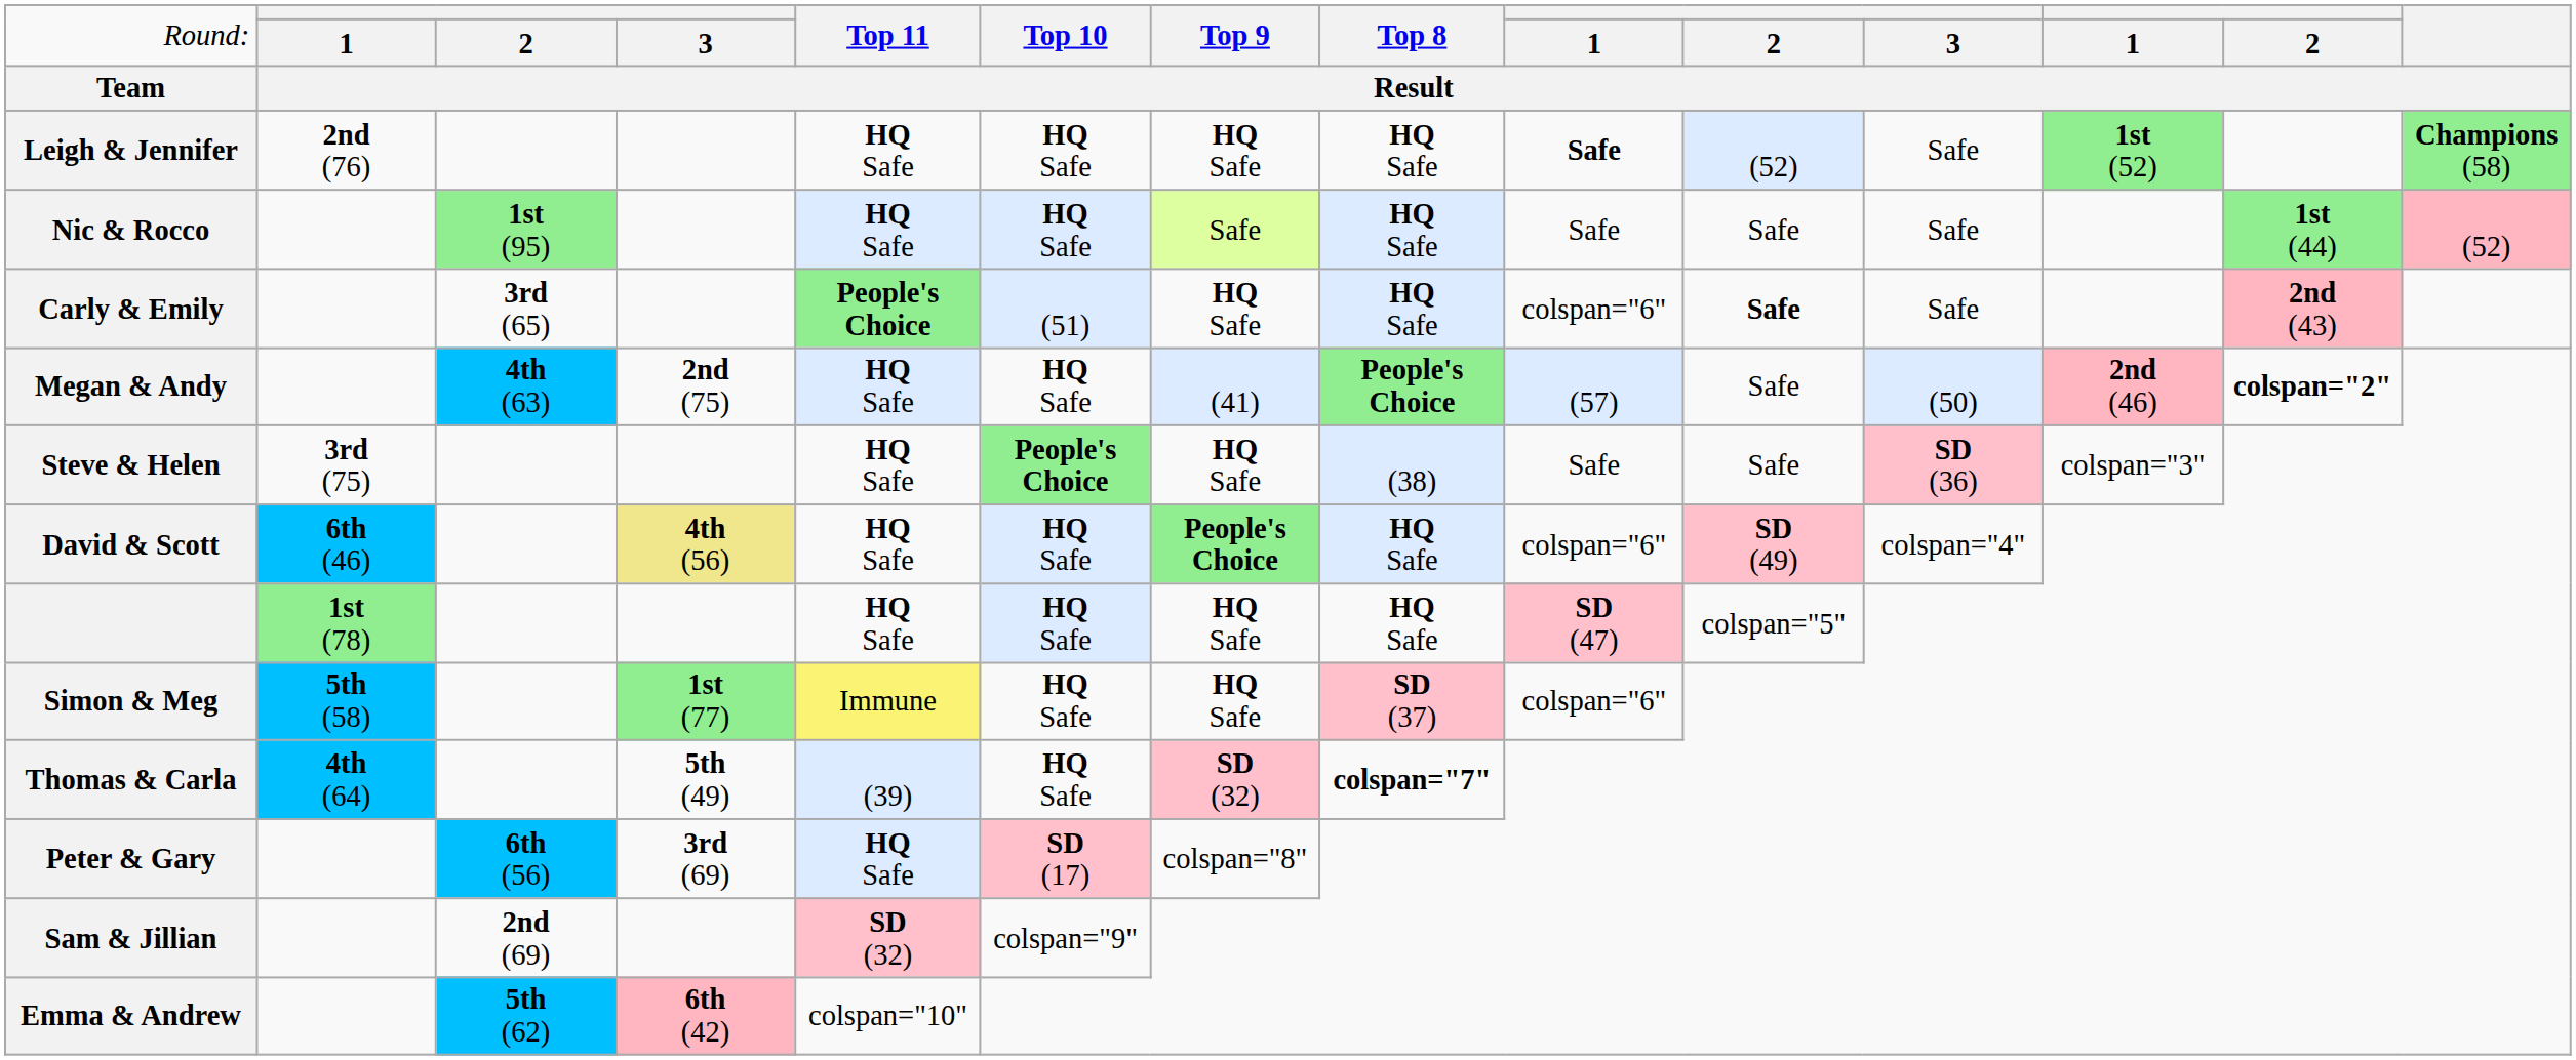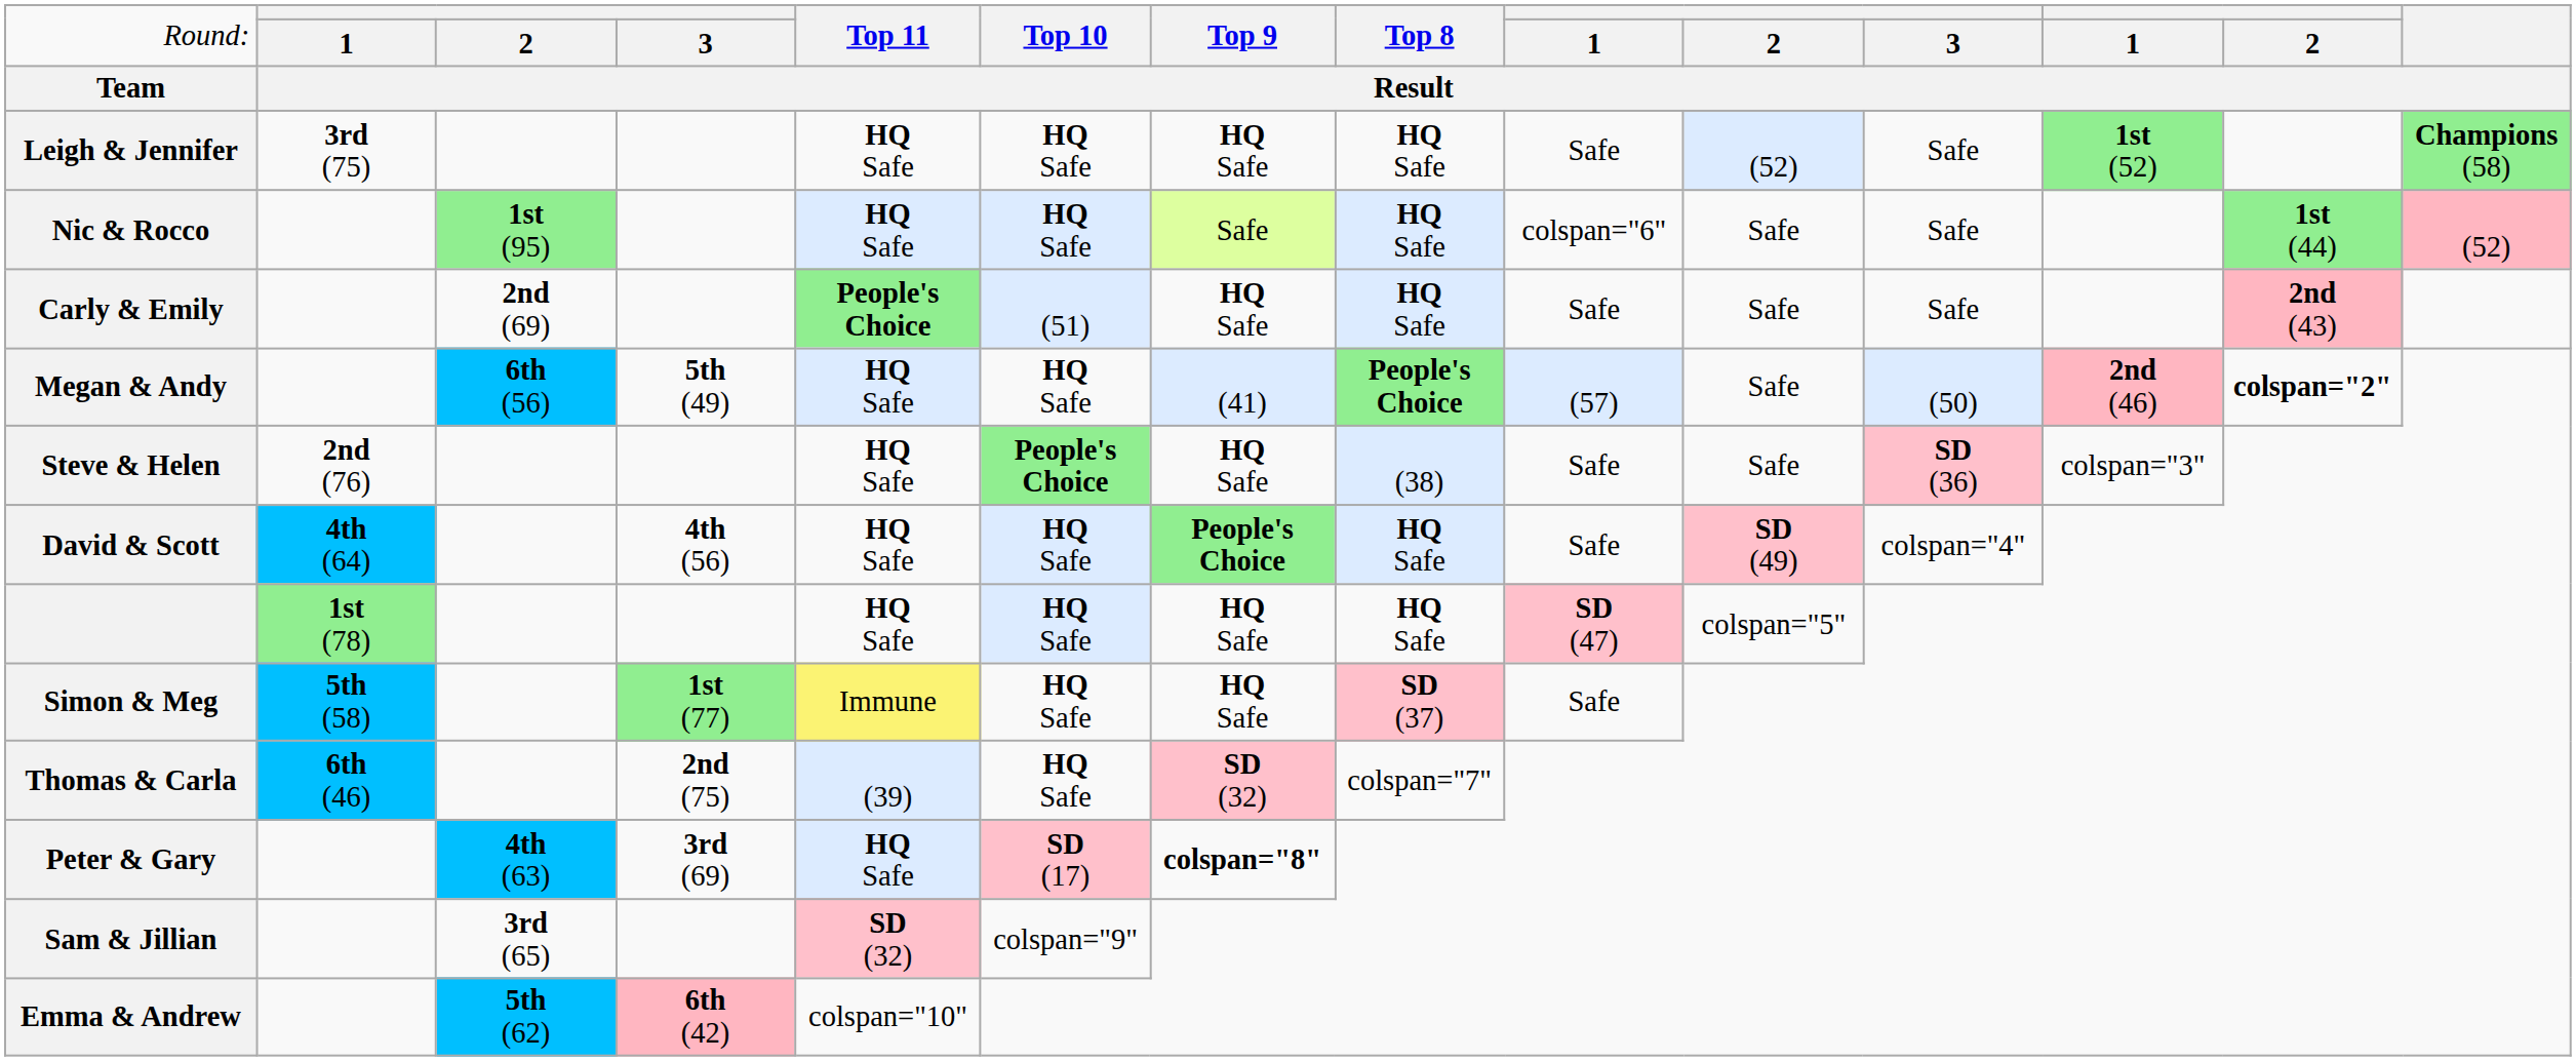 <table class="wikitable" style="width:100%; text-align:center; font-size:90%; line-height:16px; margin:auto;">
 <tr>
 <td style="text-align:right;" rowspan="2"><em>Round:</em></td>
 <th colspan=3></th>
 <th rowspan="2"><a href='#'>Top 11</a></th>
 <th rowspan="2"><a href='#'>Top 10</a></th>
 <th rowspan="2"><a href='#'>Top 9</a></th>
 <th rowspan="2"><a href='#'>Top 8</a></th>
 <th colspan=3></th>
 <th colspan=2></th>
 <th rowspan="2"></th>
 </tr>
 <tr>
 <th style="width:7%;">1</th>
 <th style="width:7%;">2</th>
 <th style="width:7%;">3</th>
 <th style="width:7%;">1</th>
 <th style="width:7%;">2</th>
 <th style="width:7%;">3</th>
 <th style="width:7%;">1</th>
 <th style="width:7%;">2</th>
 </tr>
 <tr>
 <th>Team</th>
 <th colspan="13">Result</th>
 </tr>
 <tr>
 <th>Leigh & Jennifer</th>
-<td><strong>2nd</strong><br>(76)</td>
+<td><strong>3rd</strong><br>(75)</td>
 <td></td>
 <td></td>
 <td><strong>HQ</strong> <br> Safe</td>
 <td><strong>HQ</strong> <br> Safe</td>
 <td><strong>HQ</strong> <br> Safe</td>
 <td><strong>HQ</strong> <br> Safe</td>
-<td><strong>Safe</strong></td>
+<td>Safe</td>
 <td bgcolor=#DCEBFF><br>(52)</td>
 <td>Safe</td>
 <td bgcolor="lightgreen"><strong>1st</strong><br>(52)</td>
 <td></td>
 <td bgcolor="lightgreen"><strong>Champions</strong><br>(58)</td>
 </tr>
 <tr>
 <th>Nic & Rocco</th>
 <td></td>
 <td bgcolor="lightgreen"><strong>1st</strong><br>(95)</td>
 <td></td>
 <td bgcolor="#DCEBFF"><strong>HQ</strong> <br> Safe</td>
 <td bgcolor="#DCEBFF"><strong>HQ</strong> <br> Safe</td>
 <td bgcolor="#DDFF9F">Safe</td>
 <td bgcolor="#DCEBFF"><strong>HQ</strong> <br> Safe</td>
-<td>Safe</td>
+<td>colspan="6" </td>
 <td>Safe</td>
 <td>Safe</td>
 <td></td>
 <td bgcolor="lightgreen"><strong>1st</strong><br>(44)</td>
 <td bgcolor="lightpink" align="center"><br>(52)</td>
 </tr>
 <tr>
 <th>Carly & Emily</th>
 <td></td>
-<td><strong>3rd</strong><br>(65)</td>
+<td><strong>2nd</strong><br>(69)</td>
 <td></td>
 <td bgcolor="lightgreen"><strong>People's<br>Choice</strong></td>
 <td bgcolor=#DCEBFF><br>(51)</td>
 <td><strong>HQ</strong> <br> Safe</td>
 <td bgcolor="#DCEBFF"><strong>HQ</strong> <br> Safe</td>
-<td>colspan="6" </td>
-<td><strong>Safe</strong></td>
+<td>Safe</td>
+<td>Safe</td>
 <td>Safe</td>
 <td></td>
 <td bgcolor="lightpink"><strong>2nd</strong><br>(43)</td>
 <td></td>
 </tr>
 <tr>
 <th>Megan & Andy</th>
 <td></td>
-<td bgcolor=deepskyblue><strong>4th</strong><br>(63)</td>
-<td><strong>2nd</strong><br>(75)</td>
+<td bgcolor=deepskyblue><strong>6th</strong><br>(56)</td>
+<td><strong>5th</strong><br>(49)</td>
 <td bgcolor="#DCEBFF"><strong>HQ</strong> <br> Safe</td>
 <td><strong>HQ</strong> <br> Safe</td>
 <td bgcolor=#DCEBFF><br>(41)</td>
 <td bgcolor="lightgreen"><strong>People's<br>Choice</strong></td>
 <td bgcolor=#DCEBFF><br>(57)</td>
 <td>Safe</td>
 <td bgcolor=#DCEBFF><br>(50)</td>
 <td bgcolor="lightpink"><strong>2nd</strong><br>(46)</td>
 <td><strong>colspan="2" </strong></td>
 </tr>
 <tr>
 <th>Steve & Helen</th>
-<td><strong>3rd</strong><br>(75)</td>
+<td><strong>2nd</strong><br>(76)</td>
 <td></td>
 <td></td>
 <td><strong>HQ</strong> <br> Safe</td>
 <td bgcolor="lightgreen"><strong>People's<br>Choice</strong></td>
 <td><strong>HQ</strong> <br> Safe</td>
 <td bgcolor=#DCEBFF><br>(38)</td>
 <td>Safe</td>
 <td>Safe</td>
 <td bgcolor="pink"><strong>SD</strong><br>(36)</td>
 <td>colspan="3" </td>
 </tr>
 <tr>
 <th>David & Scott</th>
-<td bgcolor=deepskyblue><strong>6th</strong><br>(46)</td>
+<td bgcolor=deepskyblue><strong>4th</strong><br>(64)</td>
 <td></td>
-<td style="background: khaki;"><strong>4th</strong><br>(56)</td>
+<td><strong>4th</strong><br>(56)</td>
 <td><strong>HQ</strong> <br> Safe</td>
 <td bgcolor="#DCEBFF"><strong>HQ</strong> <br> Safe</td>
 <td bgcolor="lightgreen"><strong>People's<br>Choice</strong></td>
 <td bgcolor="#DCEBFF"><strong>HQ</strong><br> Safe</td>
-<td>colspan="6" </td>
+<td>Safe</td>
 <td bgcolor="pink"><strong>SD</strong><br>(49)</td>
 <td>colspan="4" </td>
 </tr>
 <tr>
 <th></th>
 <td bgcolor="lightgreen"><strong>1st</strong><br>(78)</td>
 <td></td>
 <td></td>
 <td><strong>HQ</strong> <br> Safe</td>
 <td bgcolor="#DCEBFF"><strong>HQ</strong> <br> Safe</td>
 <td><strong>HQ</strong> <br> Safe</td>
 <td><strong>HQ</strong> <br> Safe</td>
 <td bgcolor="pink"><strong>SD</strong><br>(47)</td>
 <td>colspan="5" </td>
 </tr>
 <tr>
 <th>Simon & Meg</th>
 <td bgcolor=deepskyblue><strong>5th</strong><br>(58)</td>
 <td></td>
 <td bgcolor="lightgreen"><strong>1st</strong><br>(77)</td>
 <td bgcolor="#FBF373">Immune</td>
 <td><strong>HQ</strong> <br> Safe</td>
 <td><strong>HQ</strong> <br> Safe</td>
 <td bgcolor="pink"><strong>SD</strong><br>(37)</td>
-<td>colspan="6" </td>
+<td>Safe</td>
 </tr>
 <tr>
 <th>Thomas & Carla</th>
-<td bgcolor=deepskyblue><strong>4th</strong><br>(64)</td>
+<td bgcolor=deepskyblue><strong>6th</strong><br>(46)</td>
 <td></td>
-<td><strong>5th</strong><br>(49)</td>
+<td><strong>2nd</strong><br>(75)</td>
 <td bgcolor=#DCEBFF><br>(39)</td>
 <td><strong>HQ</strong> <br> Safe</td>
 <td bgcolor="pink"><strong>SD</strong><br>(32)</td>
-<td><strong>colspan="7" </strong></td>
+<td>colspan="7" </td>
 </tr>
 <tr>
 <th>Peter & Gary</th>
 <td></td>
-<td bgcolor=deepskyblue><strong>6th</strong><br>(56)</td>
+<td bgcolor=deepskyblue><strong>4th</strong><br>(63)</td>
 <td><strong>3rd</strong><br>(69)</td>
 <td bgcolor="#DCEBFF"><strong>HQ</strong> <br> Safe</td>
 <td bgcolor="pink"><strong>SD</strong><br>(17)</td>
-<td>colspan="8" </td>
+<td><strong>colspan="8" </strong></td>
 </tr>
 <tr>
 <th>Sam & Jillian</th>
 <td></td>
-<td><strong>2nd</strong><br>(69)</td>
+<td><strong>3rd</strong><br>(65)</td>
 <td></td>
 <td bgcolor="pink"><strong>SD</strong><br>(32)</td>
 <td>colspan="9" </td>
 </tr>
 <tr>
 <th>Emma & Andrew</th>
 <td></td>
 <td bgcolor=deepskyblue><strong>5th</strong><br>(62)</td>
 <td bgcolor="lightpink"><strong>6th</strong><br>(42)</td>
 <td>colspan="10" </td>
 </tr>
 </table>
